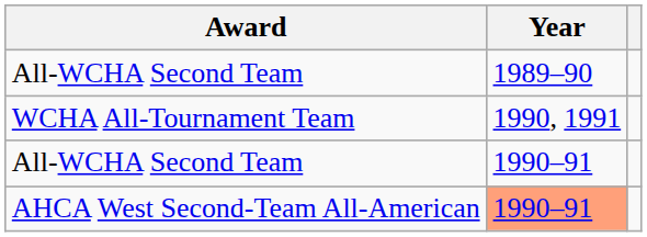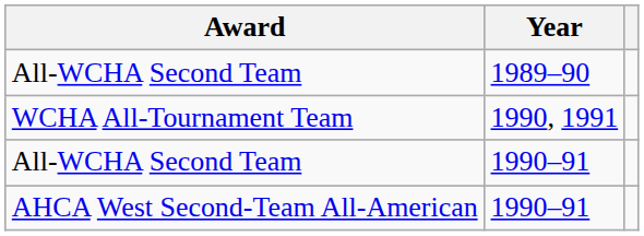 <table class="wikitable">
 <tr>
 <th>Award</th>
 <th>Year</th>
 <th></th>
 </tr>
 <tr>
 <td>All-<a href='#'>WCHA</a> <a href='#'>Second Team</a></td>
 <td><a href='#'>1989–90</a></td>
 <td></td>
 </tr>
 <tr>
 <td><a href='#'>WCHA</a> <a href='#'>All-Tournament Team</a></td>
 <td><a href='#'>1990</a>, <a href='#'>1991</a></td>
 <td></td>
 </tr>
 <tr>
 <td>All-<a href='#'>WCHA</a> <a href='#'>Second Team</a></td>
 <td><a href='#'>1990–91</a></td>
 <td></td>
 </tr>
 <tr>
 <td><a href='#'>AHCA</a> <a href='#'>West Second-Team All-American</a></td>
-<td style="background: lightsalmon;"><a href='#'>1990–91</a></td>
+<td><a href='#'>1990–91</a></td>
 <td></td>
 </tr>
 </table>
